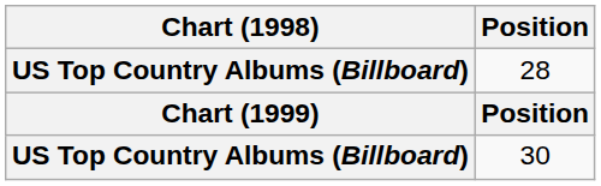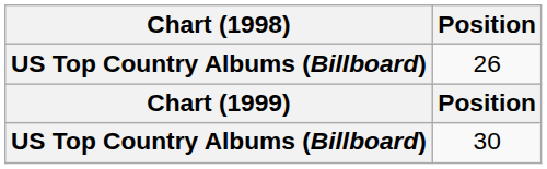 <table class="wikitable plainrowheaders" style="text-align:center">
 <tr>
 <th scope="col">Chart (1998)</th>
 <th scope="col">Position</th>
 </tr>
 <tr>
 <th scope="row">US Top Country Albums (<em>Billboard</em>)</th>
-<td>28</td>
+<td>26</td>
 </tr>
 <tr>
 <th scope="col">Chart (1999)</th>
 <th scope="col">Position</th>
 </tr>
 <tr>
 <th scope="row">US Top Country Albums (<em>Billboard</em>)</th>
 <td>30</td>
 </tr>
 </table>
